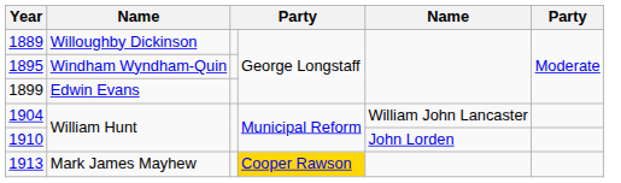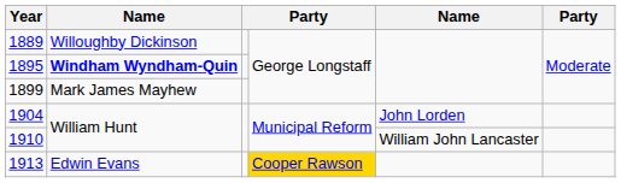 <table class="wikitable">
 <tr>
 <th>Year</th>
 <th>Name</th>
 <th colspan=2>Party</th>
 <th>Name</th>
 <th colspan=2>Party</th>
 </tr>
 <tr>
 <td><a href='#'>1889</a></td>
 <td><a href='#'>Willoughby Dickinson</a></td>
 <td></td>
 <td rowspan=3>George Longstaff</td>
 <td rowspan=3 style="background-color: "></td>
 <td rowspan=3><a href='#'>Moderate</a></td>
 </tr>
 <tr>
 <td><a href='#'>1895</a></td>
-<td><a href='#'>Windham Wyndham-Quin</a></td>
+<td><strong><a href='#'>Windham Wyndham-Quin</a></strong></td>
 <td></td>
 </tr>
 <tr>
 <td>1899</td>
-<td><a href='#'>Edwin Evans</a></td>
+<td>Mark James Mayhew</td>
 <td></td>
 </tr>
 <tr>
 <td><a href='#'>1904</a></td>
 <td rowspan=2>William Hunt</td>
 <td rowspan=2 style="background-color: "></td>
 <td rowspan=2><a href='#'>Municipal Reform</a></td>
+<td><a href='#'>John Lorden</a></td>
+<td></td>
+</tr>
+<tr>
+<td><a href='#'>1910</a></td>
 <td>William John Lancaster</td>
 <td></td>
 </tr>
 <tr>
-<td><a href='#'>1910</a></td>
-<td><a href='#'>John Lorden</a></td>
-<td></td>
-</tr>
-<tr>
 <td><a href='#'>1913</a></td>
-<td>Mark James Mayhew</td>
+<td><a href='#'>Edwin Evans</a></td>
 <td></td>
 <td style="background: gold;"><a href='#'>Cooper Rawson</a></td>
 <td></td>
 </tr>
 </table>
